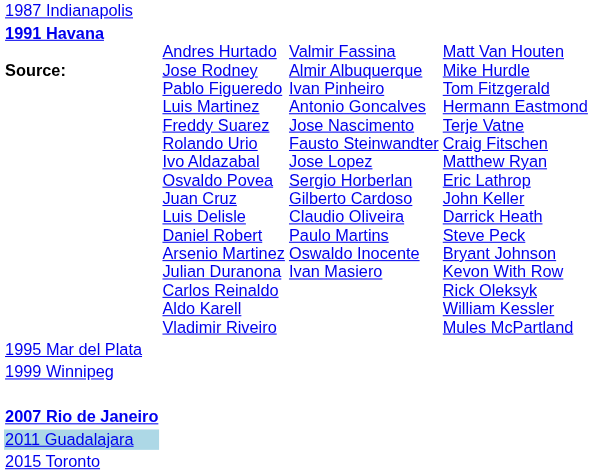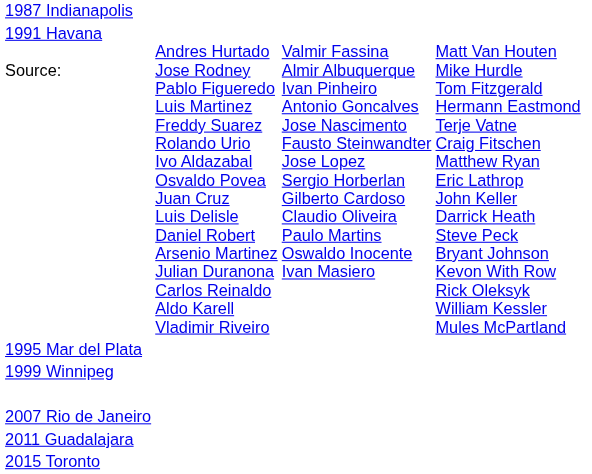 <table>
 <tr valign="top">
 <td><a href='#'>1987 Indianapolis</a><br></td>
 <td valign=top></td>
 <td valign=top></td>
 <td valign=top></td>
 </tr>
 <tr valign="top">
-<td><strong><a href='#'>1991 Havana</a><br><br>Source:</strong></td>
+<td><a href='#'>1991 Havana</a><br><br>Source:</td>
 <td valign=top><br><a href='#'>Andres Hurtado</a><br><a href='#'>Jose Rodney</a><br><a href='#'>Pablo Figueredo</a><br><a href='#'>Luis Martinez</a><br><a href='#'>Freddy Suarez</a><br><a href='#'>Rolando Urio</a><br><a href='#'>Ivo Aldazabal</a><br><a href='#'>Osvaldo Povea</a><br><a href='#'>Juan Cruz</a><br><a href='#'>Luis Delisle</a><br><a href='#'>Daniel Robert</a><br><a href='#'>Arsenio Martinez</a><br><a href='#'>Julian Duranona</a><br><a href='#'>Carlos Reinaldo</a><br><a href='#'>Aldo Karell</a><br><a href='#'>Vladimir Riveiro</a></td>
 <td valign=top><br><a href='#'>Valmir Fassina</a><br><a href='#'>Almir Albuquerque</a><br><a href='#'>Ivan Pinheiro</a><br><a href='#'>Antonio Goncalves</a><br><a href='#'>Jose Nascimento</a><br><a href='#'>Fausto Steinwandter</a><br><a href='#'>Jose Lopez</a><br><a href='#'>Sergio Horberlan</a><br><a href='#'>Gilberto Cardoso</a><br><a href='#'>Claudio Oliveira</a><br><a href='#'>Paulo Martins</a><br><a href='#'>Oswaldo Inocente</a><br><a href='#'>Ivan Masiero</a></td>
 <td valign=top><br><a href='#'>Matt Van Houten</a><br><a href='#'>Mike Hurdle</a><br><a href='#'>Tom Fitzgerald</a><br><a href='#'>Hermann Eastmond</a><br><a href='#'>Terje Vatne</a><br><a href='#'>Craig Fitschen</a><br><a href='#'>Matthew Ryan</a><br><a href='#'>Eric Lathrop</a><br><a href='#'>John Keller</a><br><a href='#'>Darrick Heath</a><br><a href='#'>Steve Peck</a><br><a href='#'>Bryant Johnson</a><br><a href='#'>Kevon With Row</a><br><a href='#'>Rick Oleksyk</a><br><a href='#'>William Kessler</a><br><a href='#'>Mules McPartland</a></td>
 </tr>
 <tr valign="top">
 <td><a href='#'>1995 Mar del Plata</a><br></td>
 <td valign=top></td>
 <td valign=top></td>
 <td valign=top></td>
 </tr>
 <tr valign="top">
 <td><a href='#'>1999 Winnipeg</a><br></td>
 <td valign=top></td>
 <td valign=top></td>
 <td valign=top></td>
 </tr>
 <tr valign="top">
 <td><br></td>
 <td valign=top></td>
 <td valign=top></td>
 <td valign=top></td>
 </tr>
 <tr valign="top">
-<td><strong><a href='#'>2007 Rio de Janeiro</a><br></strong></td>
+<td><a href='#'>2007 Rio de Janeiro</a><br></td>
 <td valign=top></td>
 <td valign=top></td>
 <td valign=top></td>
 </tr>
 <tr valign="top">
-<td style="background: lightblue;"><a href='#'>2011 Guadalajara</a><br></td>
+<td><a href='#'>2011 Guadalajara</a><br></td>
 <td valign=top></td>
 <td valign=top></td>
 <td valign=top></td>
 </tr>
 <tr valign="top">
 <td><a href='#'>2015 Toronto</a><br></td>
 <td valign=top></td>
 <td valign=top></td>
 <td valign=top></td>
 </tr>
 </table>
